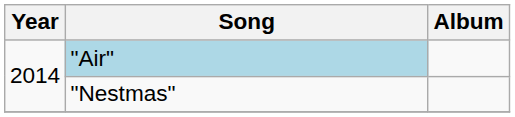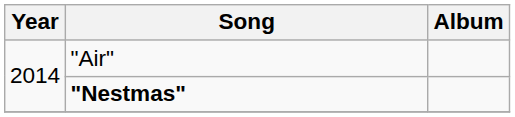 <table class="wikitable">
 <tr>
 <th>Year</th>
 <th width="250">Song</th>
 <th>Album</th>
 </tr>
 <tr>
 <td rowspan="2">2014</td>
-<td style="background: lightblue;">"Air"</td>
+<td>"Air"</td>
 <td></td>
 </tr>
 <tr>
-<td>"Nestmas"</td>
+<td><strong>"Nestmas"</strong></td>
 <td></td>
 </tr>
 <tr>
 </tr>
 </table>
